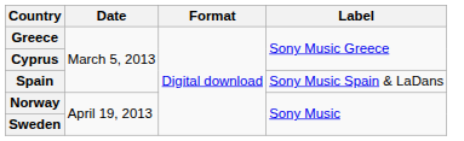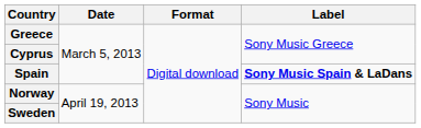 <table class="wikitable plainrowheaders">
 <tr>
 <th scope="col">Country</th>
 <th scope="col">Date</th>
 <th scope="col">Format</th>
 <th scope="col">Label</th>
 </tr>
 <tr>
 <th scope="row">Greece</th>
 <td rowspan="3">March 5, 2013</td>
 <td rowspan="5"><a href='#'>Digital download</a></td>
 <td rowspan="2"><a href='#'>Sony Music Greece</a></td>
 </tr>
 <tr>
 <th scope="row">Cyprus</th>
 </tr>
 <tr>
 <th scope="row">Spain</th>
-<td><a href='#'>Sony Music Spain</a> & LaDans</td>
+<td><strong><a href='#'>Sony Music Spain</a> & LaDans</strong></td>
 </tr>
 <tr>
 <th scope="row">Norway</th>
 <td rowspan="2">April 19, 2013</td>
 <td rowspan="2"><a href='#'>Sony Music</a></td>
 </tr>
 <tr>
 <th scope="row">Sweden</th>
 </tr>
 </table>
